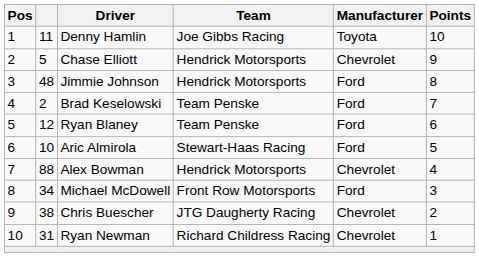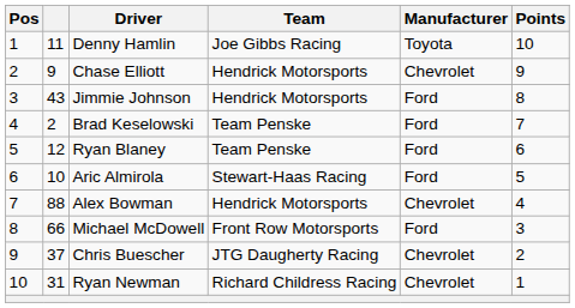 <table class="wikitable" style="font-size:98%">
 <tr>
 <th>Pos</th>
 <th></th>
 <th>Driver</th>
 <th>Team</th>
 <th>Manufacturer</th>
 <th>Points</th>
 </tr>
 <tr>
 <td>1</td>
 <td>11</td>
 <td>Denny Hamlin</td>
 <td>Joe Gibbs Racing</td>
 <td>Toyota</td>
 <td>10</td>
 </tr>
 <tr>
 <td>2</td>
-<td>5</td>
+<td>9</td>
 <td>Chase Elliott</td>
 <td>Hendrick Motorsports</td>
 <td>Chevrolet</td>
 <td>9</td>
 </tr>
 <tr>
 <td>3</td>
-<td>48</td>
+<td>43</td>
 <td>Jimmie Johnson</td>
 <td>Hendrick Motorsports</td>
 <td>Ford</td>
 <td>8</td>
 </tr>
 <tr>
 <td>4</td>
 <td>2</td>
 <td>Brad Keselowski</td>
 <td>Team Penske</td>
 <td>Ford</td>
 <td>7</td>
 </tr>
 <tr>
 <td>5</td>
 <td>12</td>
 <td>Ryan Blaney</td>
 <td>Team Penske</td>
 <td>Ford</td>
 <td>6</td>
 </tr>
 <tr>
 <td>6</td>
 <td>10</td>
 <td>Aric Almirola</td>
 <td>Stewart-Haas Racing</td>
 <td>Ford</td>
 <td>5</td>
 </tr>
 <tr>
 <td>7</td>
 <td>88</td>
 <td>Alex Bowman</td>
 <td>Hendrick Motorsports</td>
 <td>Chevrolet</td>
 <td>4</td>
 </tr>
 <tr>
 <td>8</td>
-<td>34</td>
+<td>66</td>
 <td>Michael McDowell</td>
 <td>Front Row Motorsports</td>
 <td>Ford</td>
 <td>3</td>
 </tr>
 <tr>
 <td>9</td>
-<td>38</td>
+<td>37</td>
 <td>Chris Buescher</td>
 <td>JTG Daugherty Racing</td>
 <td>Chevrolet</td>
 <td>2</td>
 </tr>
 <tr>
 <td>10</td>
 <td>31</td>
 <td>Ryan Newman</td>
 <td>Richard Childress Racing</td>
 <td>Chevrolet</td>
 <td>1</td>
 </tr>
 <tr>
 <th colspan="6"></th>
 </tr>
 </table>
